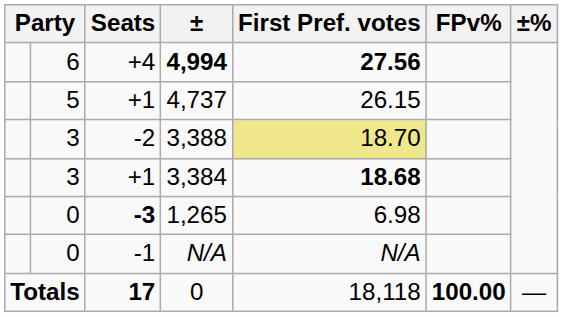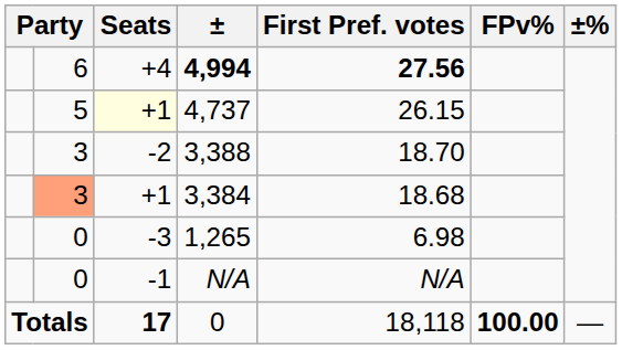 <table class=wikitable>
 <tr>
 <th colspan=2 align=center>Party</th>
 <th valign=top>Seats</th>
 <th valign=top>±</th>
 <th valign=top>First Pref. votes</th>
 <th valign=top>FPv%</th>
 <th valign=top>±%</th>
 </tr>
 <tr>
 <td></td>
 <td align=right>6</td>
 <td align=right>+4</td>
 <td align=right><strong>4,994</strong></td>
 <td align=right><strong>27.56</strong></td>
 <td align=right></td>
 </tr>
 <tr>
 <td></td>
 <td align=right>5</td>
-<td align=right>+1</td>
+<td align=right style="background: lightyellow;">+1</td>
 <td align=right>4,737</td>
 <td align=right>26.15</td>
 <td align=right></td>
 </tr>
 <tr>
 <td></td>
 <td align=right>3</td>
 <td align=right>-2</td>
 <td align=right>3,388</td>
-<td align=right style="background: khaki;">18.70</td>
+<td align=right>18.70</td>
 <td align=right></td>
 </tr>
 <tr>
 <td></td>
-<td align=right>3</td>
+<td align=right style="background: lightsalmon;">3</td>
 <td align=right>+1</td>
 <td align=right>3,384</td>
-<td align=right><strong>18.68</strong></td>
+<td align=right>18.68</td>
 <td align=right></td>
 </tr>
 <tr>
 <td></td>
 <td align=right>0</td>
-<td align=right><strong>-3</strong></td>
+<td align=right>-3</td>
 <td align=right>1,265</td>
 <td align=right>6.98</td>
 <td align=right></td>
 </tr>
 <tr>
 <td></td>
 <td align=right>0</td>
 <td align=right>-1</td>
 <td align=right><em>N/A</em></td>
 <td align=right><em>N/A</em></td>
 <td align=right></td>
 </tr>
 <tr>
 <td colspan=2 align=center><strong>Totals</strong></td>
 <td align=right><strong>17</strong></td>
 <td align=center>0</td>
 <td align=right>18,118</td>
 <td align=center><strong>100.00</strong></td>
 <td align=center>—</td>
 </tr>
 </table>
